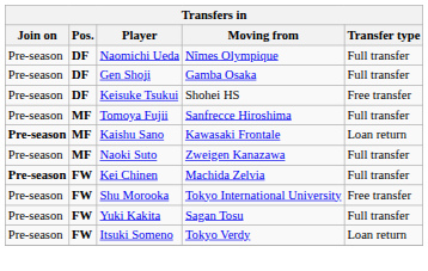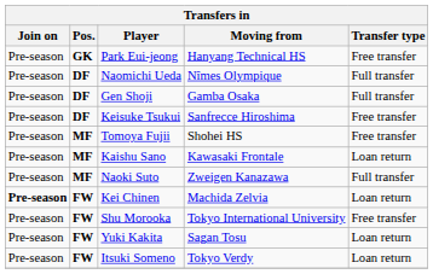 <table class="wikitable sortable" style=“text-align:left;>
 <tr>
 <th colspan="5">Transfers in</th>
 </tr>
 <tr>
 <th>Join on</th>
 <th>Pos.</th>
 <th>Player</th>
 <th>Moving from</th>
 <th>Transfer type</th>
+</tr>
+<tr>
+<td>Pre-season</td>
+<td><strong>GK</strong></td>
+<td> <a href='#'>Park Eui-jeong</a></td>
+<td> <a href='#'>Hanyang Technical HS</a></td>
+<td>Free transfer</td>
 </tr>
 <tr>
 <td>Pre-season</td>
 <td><strong>DF</strong></td>
 <td> <a href='#'>Naomichi Ueda</a></td>
 <td> <a href='#'>Nîmes Olympique</a></td>
 <td>Full transfer</td>
 </tr>
 <tr>
 <td>Pre-season</td>
 <td><strong>DF</strong></td>
 <td> <a href='#'>Gen Shoji</a></td>
 <td> <a href='#'>Gamba Osaka</a></td>
 <td>Full transfer</td>
 </tr>
 <tr>
 <td>Pre-season</td>
 <td><strong>DF</strong></td>
 <td> <a href='#'>Keisuke Tsukui</a></td>
-<td> Shohei HS</td>
+<td> <a href='#'>Sanfrecce Hiroshima</a></td>
 <td>Free transfer</td>
 </tr>
 <tr>
 <td>Pre-season</td>
 <td><strong>MF</strong></td>
 <td> <a href='#'>Tomoya Fujii</a></td>
-<td> <a href='#'>Sanfrecce Hiroshima</a></td>
-<td>Full transfer</td>
+<td> Shohei HS</td>
+<td>Free transfer</td>
 </tr>
 <tr>
-<td><strong>Pre-season</strong></td>
+<td>Pre-season</td>
 <td><strong>MF</strong></td>
 <td> <a href='#'>Kaishu Sano</a></td>
 <td> <a href='#'>Kawasaki Frontale</a></td>
 <td>Loan return</td>
 </tr>
 <tr>
 <td>Pre-season</td>
 <td><strong>MF</strong></td>
 <td> <a href='#'>Naoki Suto</a></td>
 <td> <a href='#'>Zweigen Kanazawa</a></td>
 <td>Full transfer</td>
 </tr>
 <tr>
 <td><strong>Pre-season</strong></td>
 <td><strong>FW</strong></td>
 <td> <a href='#'>Kei Chinen</a></td>
 <td> <a href='#'>Machida Zelvia</a></td>
-<td>Full transfer</td>
+<td>Loan return</td>
 </tr>
 <tr>
 <td>Pre-season</td>
 <td><strong>FW</strong></td>
 <td> <a href='#'>Shu Morooka</a></td>
 <td> <a href='#'>Tokyo International University</a></td>
 <td>Free transfer</td>
 </tr>
 <tr>
 <td>Pre-season</td>
 <td><strong>FW</strong></td>
 <td> <a href='#'>Yuki Kakita</a></td>
 <td> <a href='#'>Sagan Tosu</a></td>
-<td>Full transfer</td>
+<td>Loan return</td>
 </tr>
 <tr>
 <td>Pre-season</td>
 <td><strong>FW</strong></td>
 <td> <a href='#'>Itsuki Someno</a></td>
 <td> <a href='#'>Tokyo Verdy</a></td>
 <td>Loan return</td>
 </tr>
 <tr>
 </tr>
 </table>
